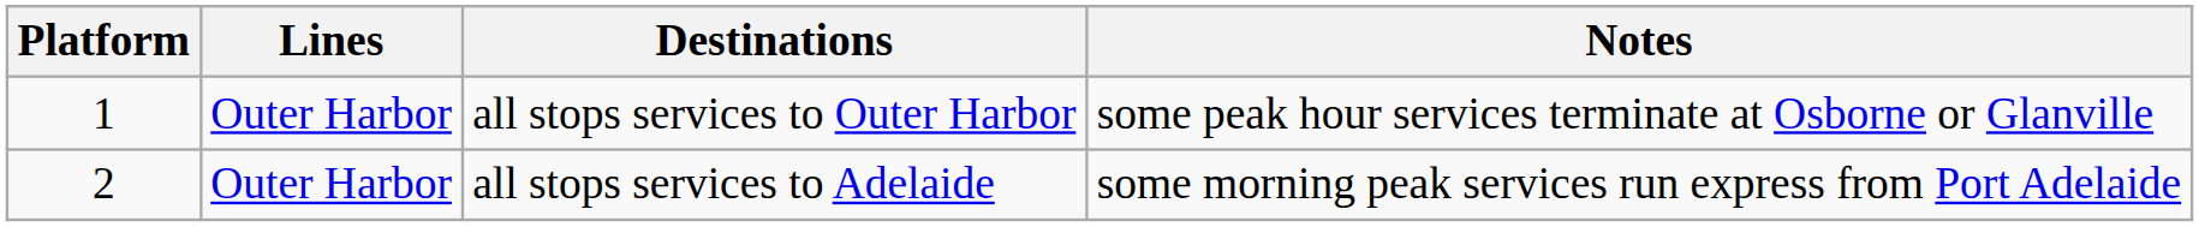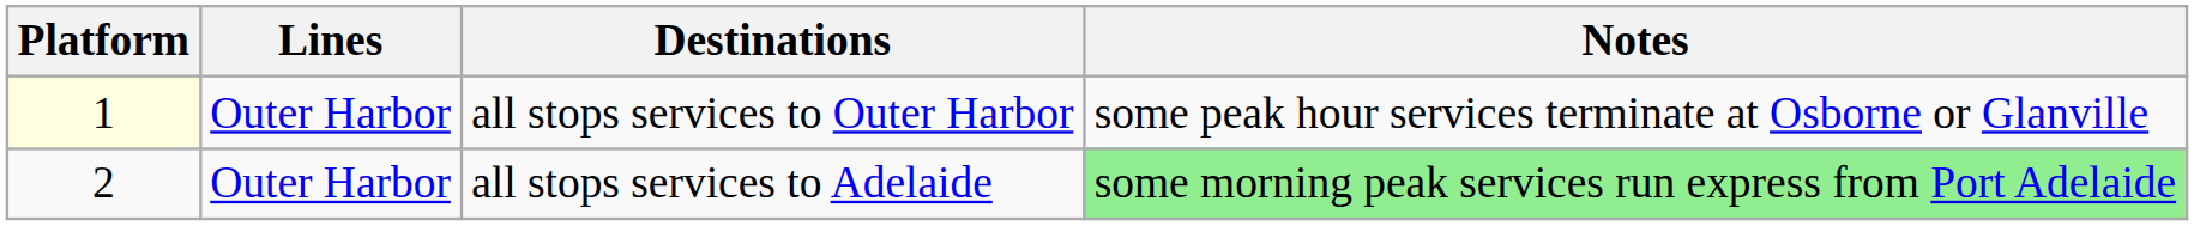 <table class="wikitable" style="float: none; margin: 0.5em; ">
 <tr>
 <th>Platform</th>
 <th>Lines</th>
 <th>Destinations</th>
 <th>Notes</th>
 </tr>
 <tr>
-<td rowspan="1" style="text-align:center;">1</td>
+<td rowspan="1" style="background: lightyellow; text-align:center;">1</td>
 <td style=background:#><a href='#'><span>Outer Harbor</span></a></td>
 <td>all stops services to <a href='#'>Outer Harbor</a></td>
 <td>some peak hour services terminate at <a href='#'>Osborne</a> or <a href='#'>Glanville</a></td>
 </tr>
 <tr>
 <td rowspan="1" style="text-align:center;">2</td>
 <td style=background:#><a href='#'><span>Outer Harbor</span></a></td>
 <td>all stops services to <a href='#'>Adelaide</a></td>
-<td>some morning peak services run express from <a href='#'>Port Adelaide</a></td>
+<td style="background: lightgreen;">some morning peak services run express from <a href='#'>Port Adelaide</a></td>
 </tr>
 </table>
